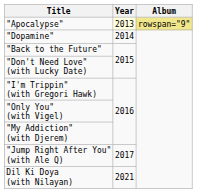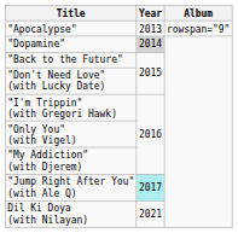 <table class="wikitable">
 <tr>
 <th>Title</th>
 <th>Year</th>
 <th>Album</th>
 </tr>
 <tr>
 <td scope="row">"Apocalypse"</td>
-<td style="background: lightyellow;">2013</td>
-<td style="background: khaki;">rowspan="9" </td>
+<td>2013</td>
+<td>rowspan="9" </td>
 </tr>
 <tr>
 <td scope="row">"Dopamine"</td>
-<td>2014</td>
+<td style="background: lightgrey;">2014</td>
 </tr>
 <tr>
 <td scope="row">"Back to the Future"</td>
 <td rowspan="2">2015</td>
 </tr>
 <tr>
 <td scope="row">"Don't Need Love"<br><span>(with Lucky Date)</span></td>
 </tr>
 <tr>
 <td scope="row">"I'm Trippin"<br><span>(with Gregori Hawk)</span></td>
 <td rowspan="3">2016</td>
 </tr>
 <tr>
 <td scope="row">"Only You"<br><span>(with Vigel)</span></td>
 </tr>
 <tr>
 <td scope="row">"My Addiction"<br><span>(with Djerem)</span></td>
 </tr>
 <tr>
 <td scope="row">"Jump Right After You"<br><span>(with Ale Q)</span></td>
-<td>2017</td>
+<td style="background: paleturquoise;">2017</td>
 </tr>
 <tr>
 <td>Dil Ki Doya<br>(with Nilayan)</td>
 <td>2021</td>
 </tr>
 </table>
